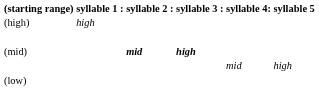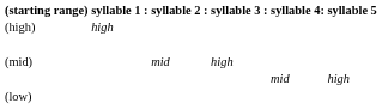 <table>
 <tr>
 <th>(starting range)</th>
 <th>syllable 1 :</th>
 <th>syllable 2 :</th>
 <th>syllable 3 :</th>
 <th>syllable 4:</th>
 <th>syllable 5</th>
 </tr>
 <tr>
 <td>(high)</td>
 <td><em>high</em></td>
 </tr>
 <tr>
 <td> </td>
 </tr>
 <tr>
 <td>(mid)</td>
 <td></td>
-<td><strong><em>mid</em></strong></td>
-<td><strong><em>high</em></strong></td>
+<td><em>mid</em></td>
+<td><em>high</em></td>
 </tr>
 <tr>
 <td></td>
 <td></td>
 <td></td>
 <td></td>
 <td><em>mid</em></td>
 <td><em>high</em></td>
 </tr>
 <tr>
 <td>(low)</td>
 <td></td>
 </tr>
 </table>
